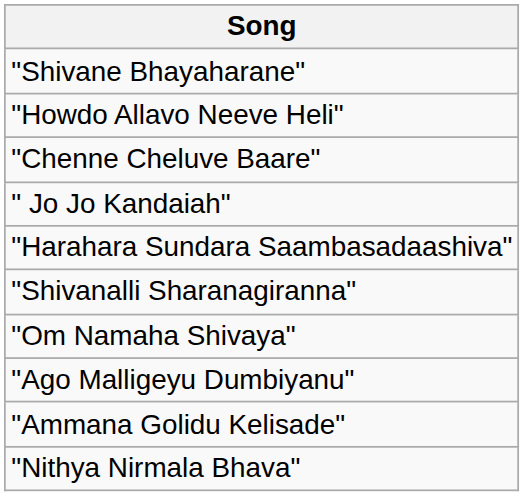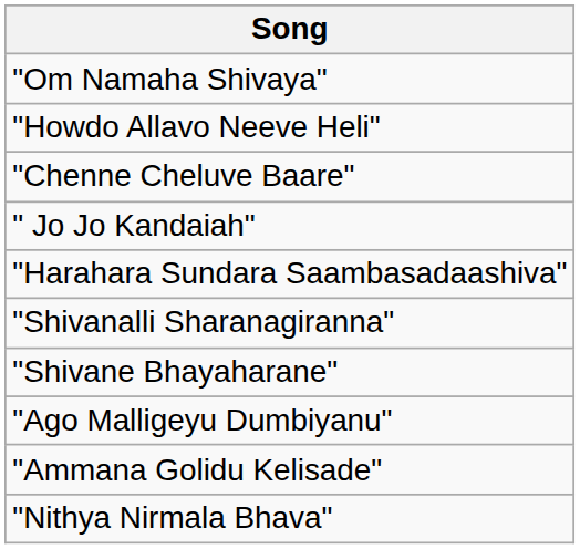 <table class="wikitable">
 <tr>
 <th>Song</th>
 </tr>
 <tr>
-<td>"Shivane Bhayaharane"</td>
+<td>"Om Namaha Shivaya"</td>
 </tr>
 <tr>
 <td>"Howdo Allavo Neeve Heli"</td>
 </tr>
 <tr>
 <td>"Chenne Cheluve Baare"</td>
 </tr>
 <tr>
 <td>" Jo Jo Kandaiah"</td>
 </tr>
 <tr>
 <td>"Harahara Sundara Saambasadaashiva"</td>
 </tr>
 <tr>
 <td>"Shivanalli Sharanagiranna"</td>
 </tr>
 <tr>
-<td>"Om Namaha Shivaya"</td>
+<td>"Shivane Bhayaharane"</td>
 </tr>
 <tr>
 <td>"Ago Malligeyu Dumbiyanu"</td>
 </tr>
 <tr>
 <td>"Ammana Golidu Kelisade"</td>
 </tr>
 <tr>
 <td>"Nithya Nirmala Bhava"</td>
 </tr>
 </table>
